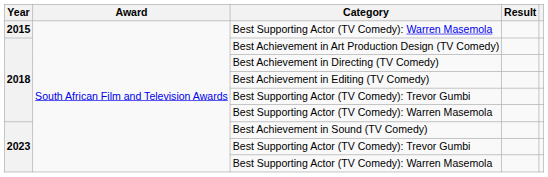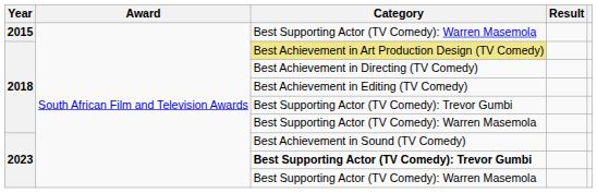 <table class="wikitable plainrowheaders">
 <tr>
 <th>Year</th>
 <th>Award</th>
 <th>Category</th>
 <th>Result</th>
 <th></th>
 </tr>
 <tr>
 <th scope="row">2015</th>
 <td rowspan="9"><a href='#'>South African Film and Television Awards</a></td>
 <td>Best Supporting Actor (TV Comedy): <a href='#'>Warren Masemola</a></td>
 <td></td>
 <td></td>
 </tr>
 <tr>
 <th scope="row" rowspan="5">2018</th>
-<td>Best Achievement in Art Production Design (TV Comedy)</td>
+<td style="background: khaki;">Best Achievement in Art Production Design (TV Comedy)</td>
 <td></td>
 <td></td>
 </tr>
 <tr>
 <td>Best Achievement in Directing (TV Comedy)</td>
 <td></td>
 <td></td>
 </tr>
 <tr>
 <td>Best Achievement in Editing (TV Comedy)</td>
 <td></td>
 <td></td>
 </tr>
 <tr>
 <td>Best Supporting Actor (TV Comedy): Trevor Gumbi</td>
 <td></td>
 <td></td>
 </tr>
 <tr>
 <td>Best Supporting Actor (TV Comedy): Warren Masemola</td>
 <td></td>
 <td></td>
 </tr>
 <tr>
 <th scope="row" rowspan="3">2023</th>
 <td>Best Achievement in Sound (TV Comedy)</td>
 <td></td>
 <td></td>
 </tr>
 <tr>
-<td>Best Supporting Actor (TV Comedy): Trevor Gumbi</td>
+<td><strong>Best Supporting Actor (TV Comedy): Trevor Gumbi</strong></td>
 <td></td>
 <td></td>
 </tr>
 <tr>
 <td>Best Supporting Actor (TV Comedy): Warren Masemola</td>
 <td></td>
 <td></td>
 </tr>
 </table>
